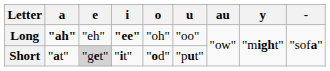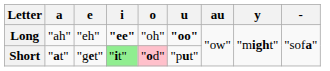 <table class=wikitable>
 <tr>
 <th>Letter</th>
 <th>a</th>
 <th>e</th>
 <th>i</th>
 <th>o</th>
 <th>u</th>
 <th>au</th>
 <th>y</th>
 <th>-</th>
 </tr>
 <tr>
 <th>Long</th>
-<td><strong>"ah"<br></strong></td>
+<td>"ah"<br></td>
 <td>"eh"<br></td>
 <td><strong>"ee"<br></strong></td>
 <td>"oh"<br></td>
-<td>"oo"<br></td>
+<td><strong>"oo"<br></strong></td>
 <td rowspan=2>"ow"<br></td>
 <td rowspan=2>"m<strong>igh</strong>t"<br></td>
 <td rowspan=2>"sof<strong>a</strong>"<br></td>
 </tr>
 <tr>
 <th>Short</th>
 <td>"<strong>a</strong>t"<br></td>
-<td style="background: lightgrey;">"g<strong>e</strong>t"<br></td>
-<td>"<strong>i</strong>t"<br></td>
-<td>"<strong>o</strong>d"<br></td>
+<td>"g<strong>e</strong>t"<br></td>
+<td style="background: lightgreen;">"<strong>i</strong>t"<br></td>
+<td style="background: pink;">"<strong>o</strong>d"<br></td>
 <td>"p<strong>u</strong>t"<br></td>
 </tr>
 </table>
